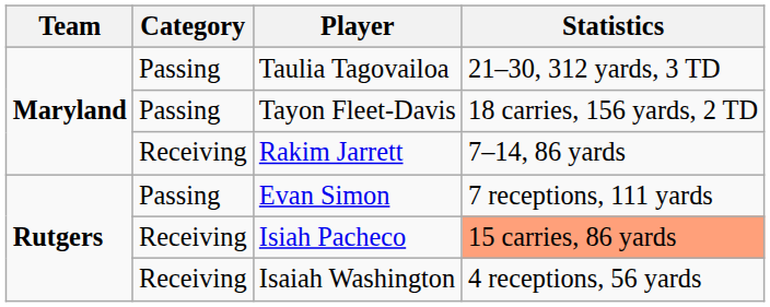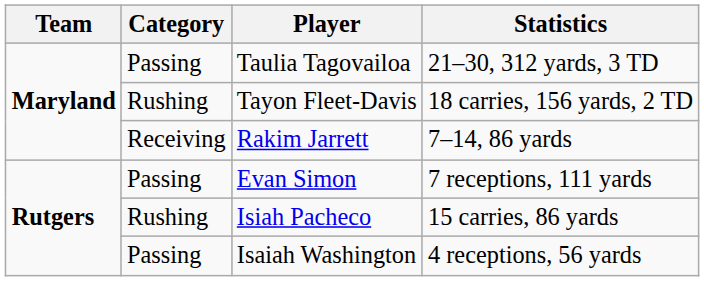 <table class="wikitable" style="float: right;">
 <tr>
 <th>Team</th>
 <th>Category</th>
 <th>Player</th>
 <th>Statistics</th>
 </tr>
 <tr>
 <td rowspan=3><strong>Maryland</strong></td>
 <td>Passing</td>
 <td>Taulia Tagovailoa</td>
 <td>21–30, 312 yards, 3 TD</td>
 </tr>
 <tr>
-<td>Passing</td>
+<td>Rushing</td>
 <td>Tayon Fleet-Davis</td>
 <td>18 carries, 156 yards, 2 TD</td>
 </tr>
 <tr>
 <td>Receiving</td>
 <td><a href='#'>Rakim Jarrett</a></td>
 <td>7–14, 86 yards</td>
 </tr>
 <tr>
 <td rowspan=3><strong>Rutgers</strong></td>
 <td>Passing</td>
 <td><a href='#'>Evan Simon</a></td>
 <td>7 receptions, 111 yards</td>
 </tr>
 <tr>
-<td>Receiving</td>
+<td>Rushing</td>
 <td><a href='#'>Isiah Pacheco</a></td>
-<td style="background: lightsalmon;">15 carries, 86 yards</td>
+<td>15 carries, 86 yards</td>
 </tr>
 <tr>
-<td>Receiving</td>
+<td>Passing</td>
 <td>Isaiah Washington</td>
 <td>4 receptions, 56 yards</td>
 </tr>
 </table>
